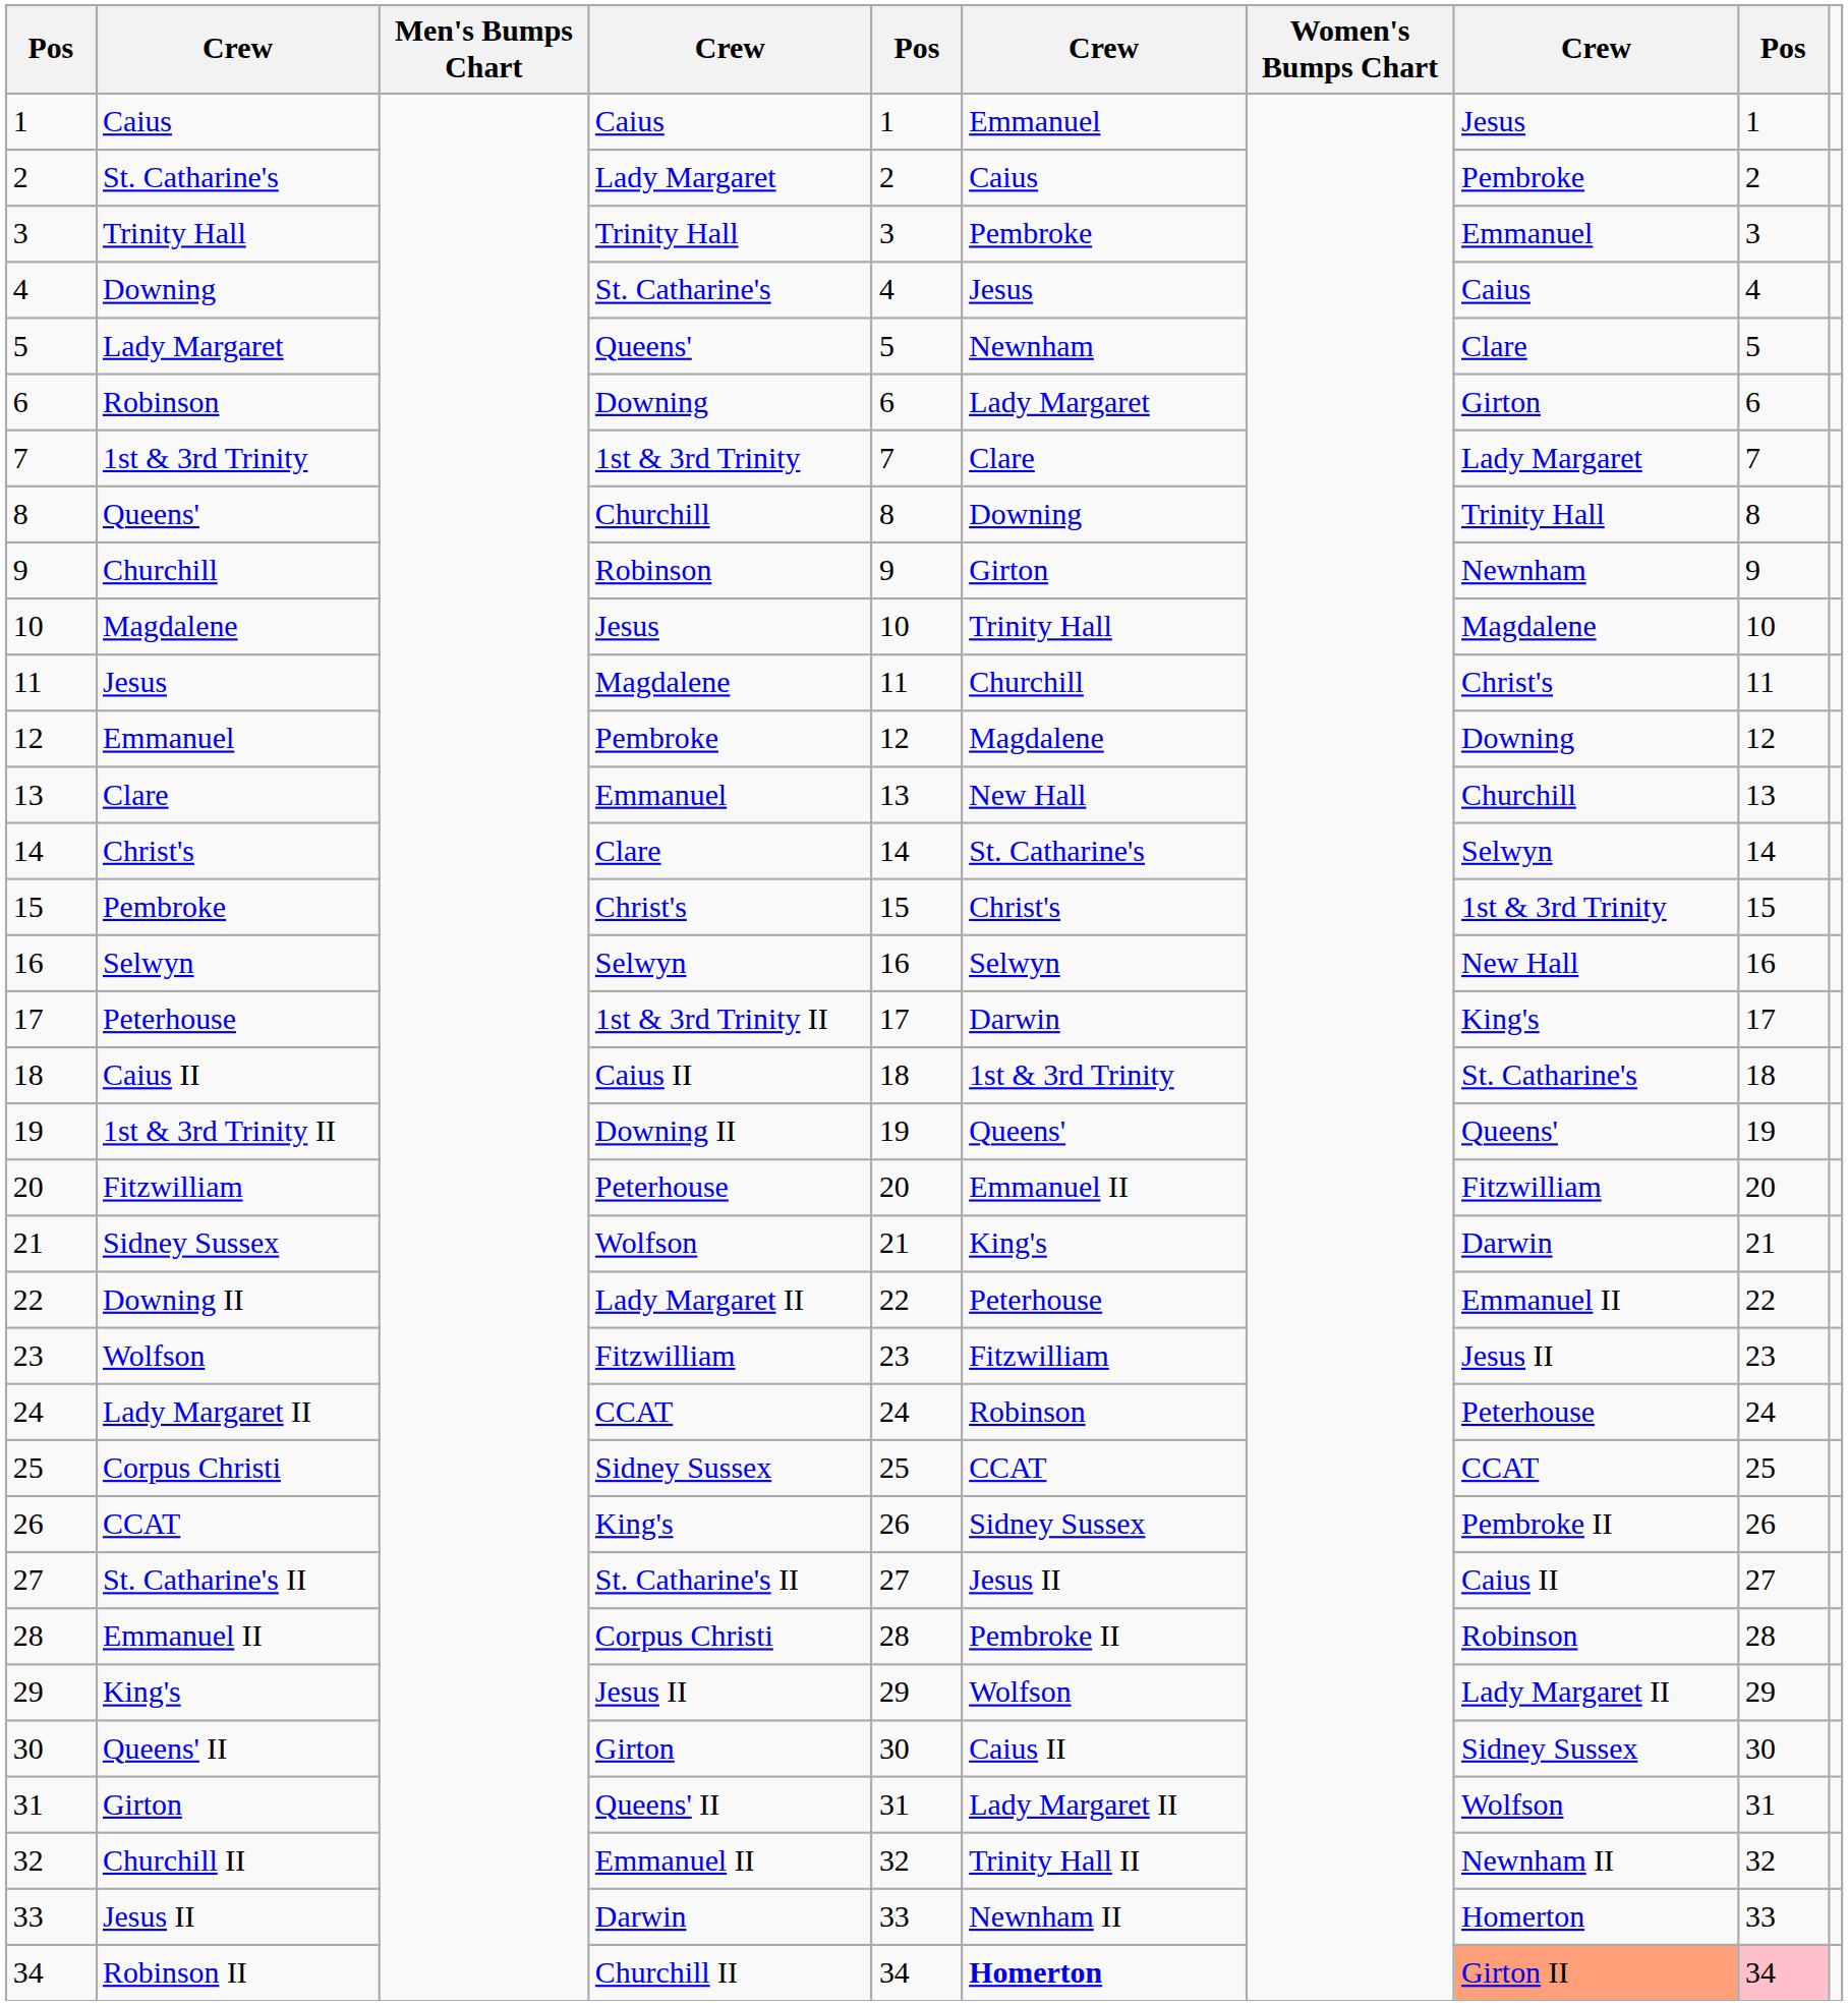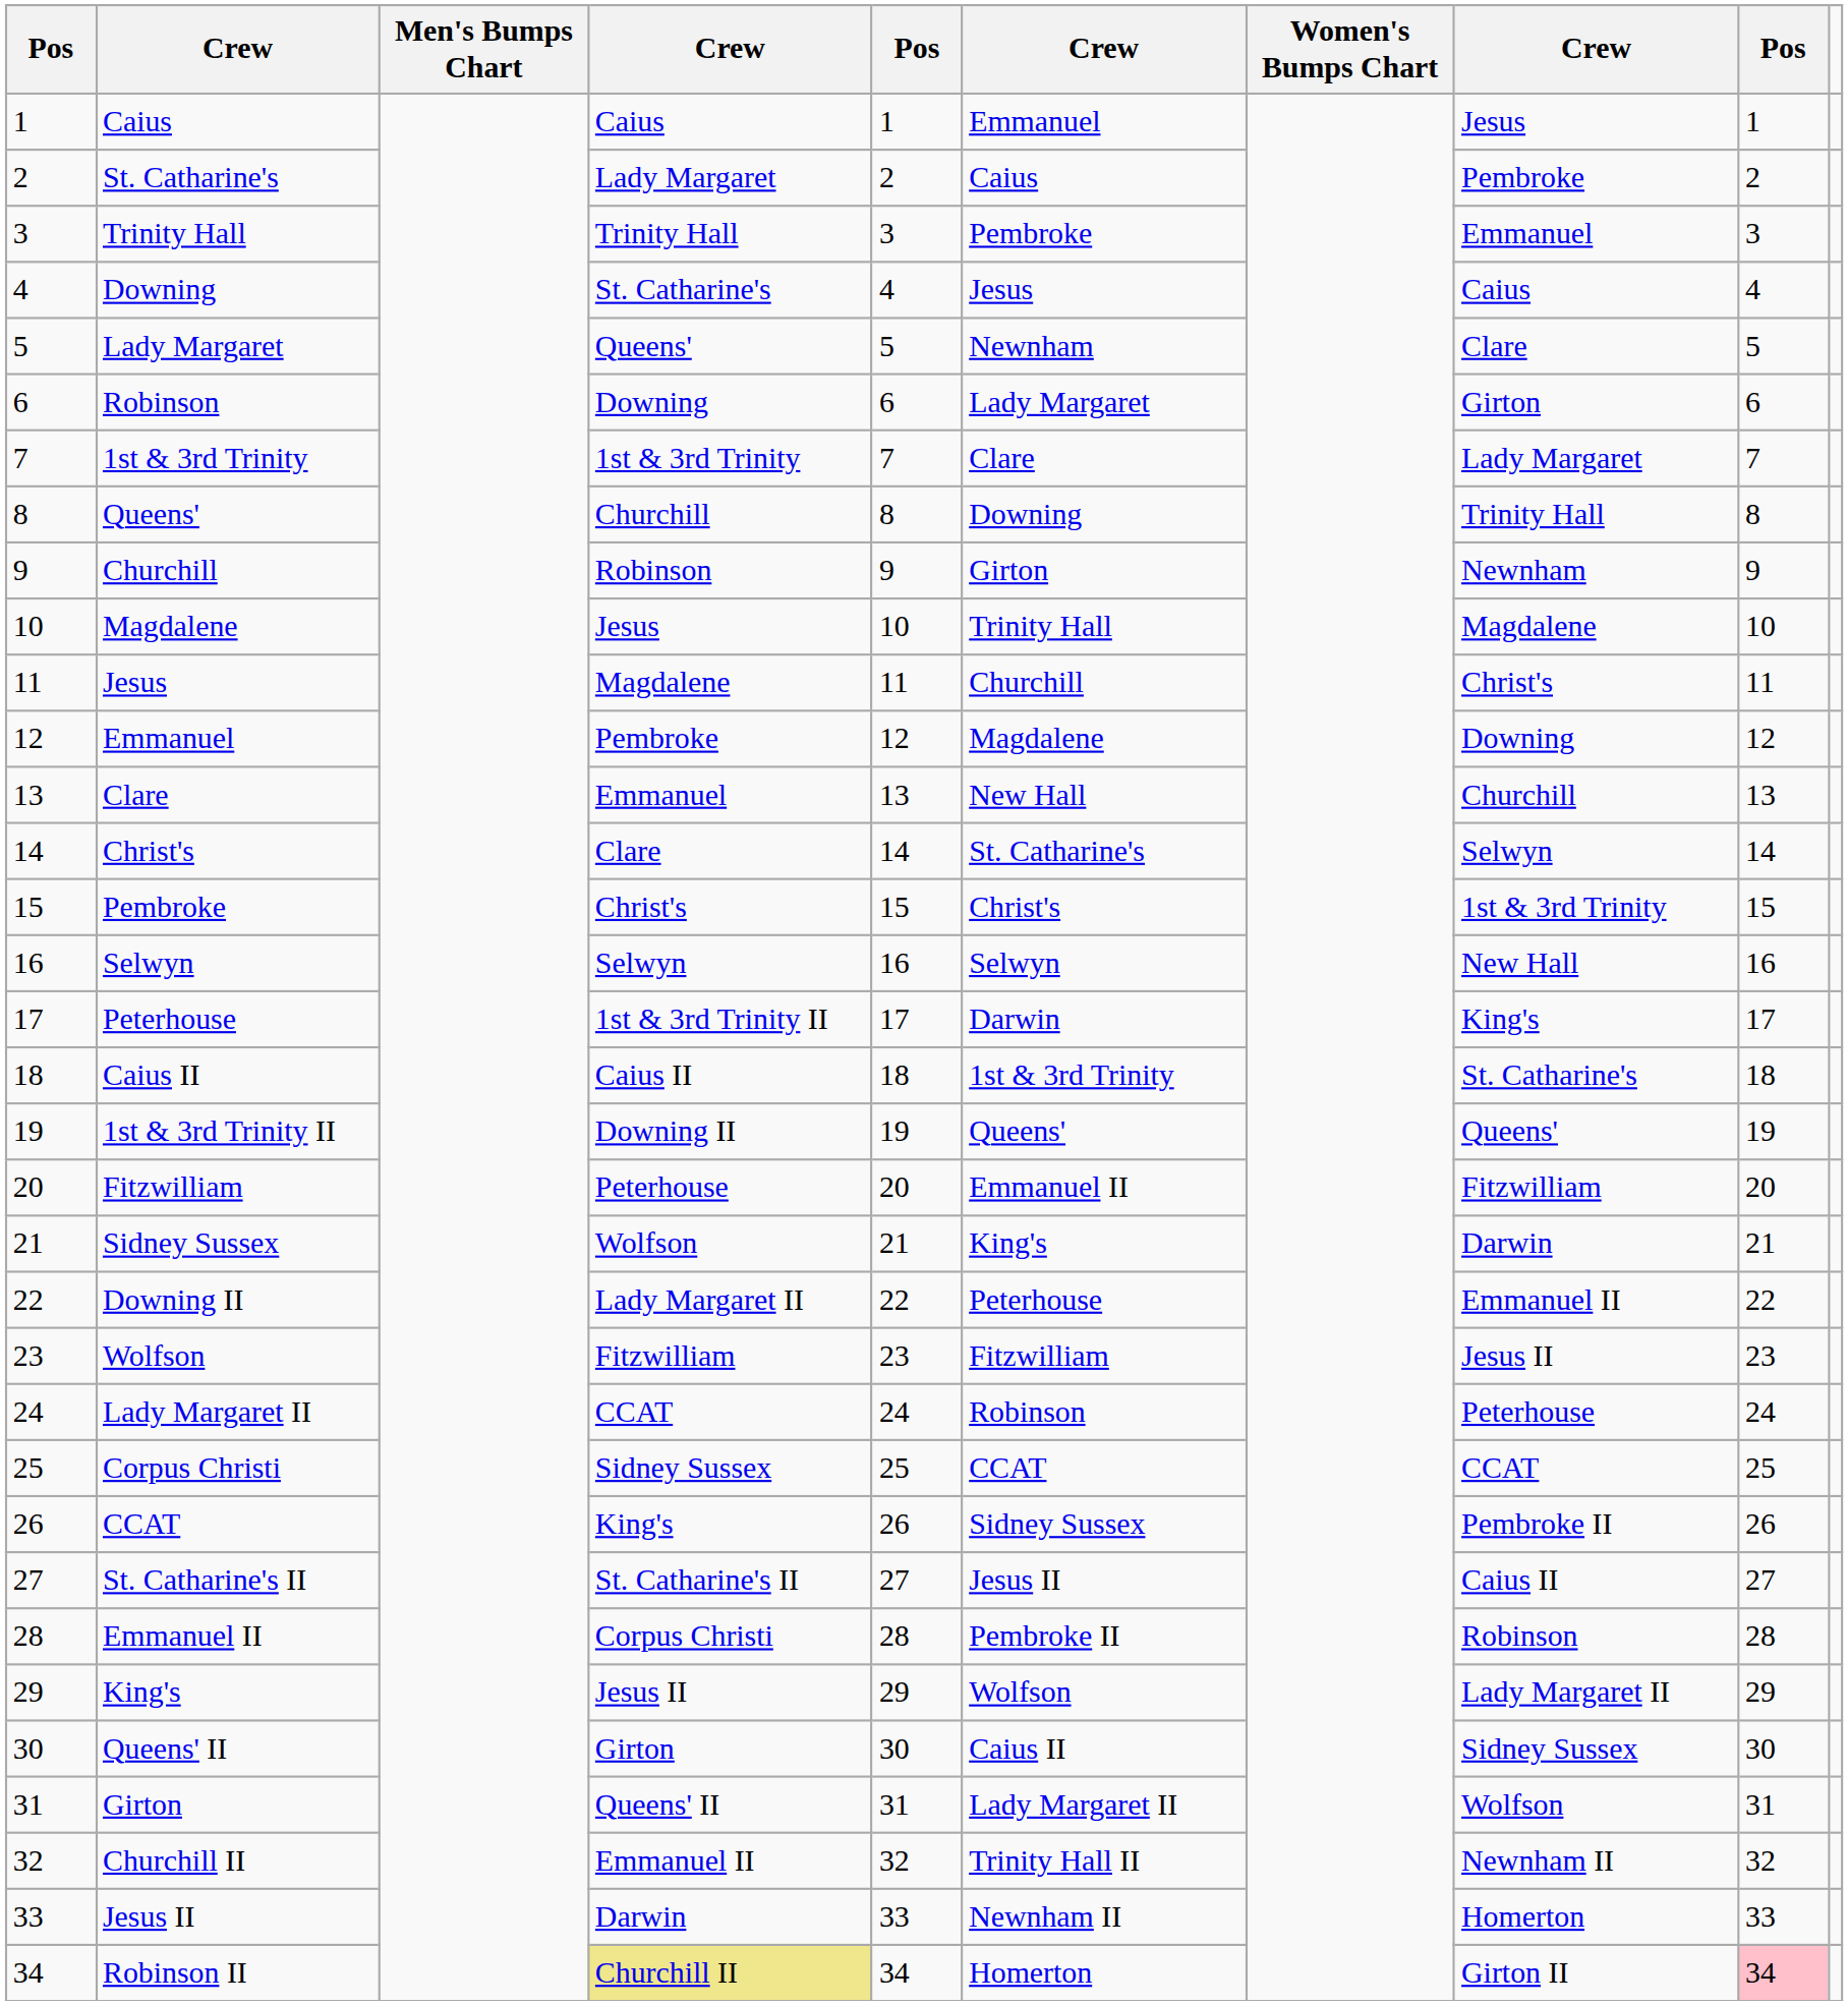 <table class="wikitable" style="font-size:88%; white-space:nowrap; margin:0.5em auto">
 <tr style="white-space:normal">
 <th width=35>Pos</th>
 <th width=125>Crew</th>
 <th width=90>Men's Bumps Chart</th>
 <th width=125>Crew</th>
 <th width=35>Pos</th>
 <th width=125>Crew</th>
 <th width=90>Women's Bumps Chart</th>
 <th width=125>Crew</th>
 <th width=35>Pos</th>
 </tr>
 <tr style="height:26px">
 <td>1</td>
 <td><a href='#'>Caius</a></td>
 <td rowspan="34"><br></td>
 <td><a href='#'>Caius</a></td>
 <td>1</td>
 <td><a href='#'>Emmanuel</a></td>
 <td rowspan="34"><br></td>
 <td><a href='#'>Jesus</a></td>
 <td>1</td>
 <td></td>
 </tr>
 <tr style="height:26px">
 <td>2</td>
 <td><a href='#'>St. Catharine's</a></td>
 <td><a href='#'>Lady Margaret</a></td>
 <td>2</td>
 <td><a href='#'>Caius</a></td>
 <td><a href='#'>Pembroke</a></td>
 <td>2</td>
 <td></td>
 </tr>
 <tr style="height:26px">
 <td>3</td>
 <td><a href='#'>Trinity Hall</a></td>
 <td><a href='#'>Trinity Hall</a></td>
 <td>3</td>
 <td><a href='#'>Pembroke</a></td>
 <td><a href='#'>Emmanuel</a></td>
 <td>3</td>
 <td></td>
 </tr>
 <tr style="height:26px">
 <td>4</td>
 <td><a href='#'>Downing</a></td>
 <td><a href='#'>St. Catharine's</a></td>
 <td>4</td>
 <td><a href='#'>Jesus</a></td>
 <td><a href='#'>Caius</a></td>
 <td>4</td>
 <td></td>
 </tr>
 <tr style="height:26px">
 <td>5</td>
 <td><a href='#'>Lady Margaret</a></td>
 <td><a href='#'>Queens'</a></td>
 <td>5</td>
 <td><a href='#'>Newnham</a></td>
 <td><a href='#'>Clare</a></td>
 <td>5</td>
 <td></td>
 </tr>
 <tr style="height:26px">
 <td>6</td>
 <td><a href='#'>Robinson</a></td>
 <td><a href='#'>Downing</a></td>
 <td>6</td>
 <td><a href='#'>Lady Margaret</a></td>
 <td><a href='#'>Girton</a></td>
 <td>6</td>
 <td></td>
 </tr>
 <tr style="height:26px">
 <td>7</td>
 <td><a href='#'>1st & 3rd Trinity</a></td>
 <td><a href='#'>1st & 3rd Trinity</a></td>
 <td>7</td>
 <td><a href='#'>Clare</a></td>
 <td><a href='#'>Lady Margaret</a></td>
 <td>7</td>
 <td></td>
 </tr>
 <tr style="height:26px">
 <td>8</td>
 <td><a href='#'>Queens'</a></td>
 <td><a href='#'>Churchill</a></td>
 <td>8</td>
 <td><a href='#'>Downing</a></td>
 <td><a href='#'>Trinity Hall</a></td>
 <td>8</td>
 <td></td>
 </tr>
 <tr style="height:26px">
 <td>9</td>
 <td><a href='#'>Churchill</a></td>
 <td><a href='#'>Robinson</a></td>
 <td>9</td>
 <td><a href='#'>Girton</a></td>
 <td><a href='#'>Newnham</a></td>
 <td>9</td>
 <td></td>
 </tr>
 <tr style="height:26px">
 <td>10</td>
 <td><a href='#'>Magdalene</a></td>
 <td><a href='#'>Jesus</a></td>
 <td>10</td>
 <td><a href='#'>Trinity Hall</a></td>
 <td><a href='#'>Magdalene</a></td>
 <td>10</td>
 <td></td>
 </tr>
 <tr style="height:26px">
 <td>11</td>
 <td><a href='#'>Jesus</a></td>
 <td><a href='#'>Magdalene</a></td>
 <td>11</td>
 <td><a href='#'>Churchill</a></td>
 <td><a href='#'>Christ's</a></td>
 <td>11</td>
 <td></td>
 </tr>
 <tr style="height:26px">
 <td>12</td>
 <td><a href='#'>Emmanuel</a></td>
 <td><a href='#'>Pembroke</a></td>
 <td>12</td>
 <td><a href='#'>Magdalene</a></td>
 <td><a href='#'>Downing</a></td>
 <td>12</td>
 <td></td>
 </tr>
 <tr style="height:26px">
 <td>13</td>
 <td><a href='#'>Clare</a></td>
 <td><a href='#'>Emmanuel</a></td>
 <td>13</td>
 <td><a href='#'>New Hall</a></td>
 <td><a href='#'>Churchill</a></td>
 <td>13</td>
 <td></td>
 </tr>
 <tr style="height:26px">
 <td>14</td>
 <td><a href='#'>Christ's</a></td>
 <td><a href='#'>Clare</a></td>
 <td>14</td>
 <td><a href='#'>St. Catharine's</a></td>
 <td><a href='#'>Selwyn</a></td>
 <td>14</td>
 <td></td>
 </tr>
 <tr style="height:26px">
 <td>15</td>
 <td><a href='#'>Pembroke</a></td>
 <td><a href='#'>Christ's</a></td>
 <td>15</td>
 <td><a href='#'>Christ's</a></td>
 <td><a href='#'>1st & 3rd Trinity</a></td>
 <td>15</td>
 <td></td>
 </tr>
 <tr style="height:26px">
 <td>16</td>
 <td><a href='#'>Selwyn</a></td>
 <td><a href='#'>Selwyn</a></td>
 <td>16</td>
 <td><a href='#'>Selwyn</a></td>
 <td><a href='#'>New Hall</a></td>
 <td>16</td>
 <td></td>
 </tr>
 <tr style="height:26px">
 <td>17</td>
 <td><a href='#'>Peterhouse</a></td>
 <td><a href='#'>1st & 3rd Trinity</a> II</td>
 <td>17</td>
 <td><a href='#'>Darwin</a></td>
 <td><a href='#'>King's</a></td>
 <td>17</td>
 <td></td>
 </tr>
 <tr style="height:26px">
 <td>18</td>
 <td><a href='#'>Caius</a> II</td>
 <td><a href='#'>Caius</a> II</td>
 <td>18</td>
 <td><a href='#'>1st & 3rd Trinity</a></td>
 <td><a href='#'>St. Catharine's</a></td>
 <td>18</td>
 <td></td>
 </tr>
 <tr style="height:26px">
 <td>19</td>
 <td><a href='#'>1st & 3rd Trinity</a> II</td>
 <td><a href='#'>Downing</a> II</td>
 <td>19</td>
 <td><a href='#'>Queens'</a></td>
 <td><a href='#'>Queens'</a></td>
 <td>19</td>
 <td></td>
 </tr>
 <tr style="height:26px">
 <td>20</td>
 <td><a href='#'>Fitzwilliam</a></td>
 <td><a href='#'>Peterhouse</a></td>
 <td>20</td>
 <td><a href='#'>Emmanuel</a> II</td>
 <td><a href='#'>Fitzwilliam</a></td>
 <td>20</td>
 <td></td>
 </tr>
 <tr style="height:26px">
 <td>21</td>
 <td><a href='#'>Sidney Sussex</a></td>
 <td><a href='#'>Wolfson</a></td>
 <td>21</td>
 <td><a href='#'>King's</a></td>
 <td><a href='#'>Darwin</a></td>
 <td>21</td>
 <td></td>
 </tr>
 <tr style="height:26px">
 <td>22</td>
 <td><a href='#'>Downing</a> II</td>
 <td><a href='#'>Lady Margaret</a> II</td>
 <td>22</td>
 <td><a href='#'>Peterhouse</a></td>
 <td><a href='#'>Emmanuel</a> II</td>
 <td>22</td>
 <td></td>
 </tr>
 <tr style="height:26px">
 <td>23</td>
 <td><a href='#'>Wolfson</a></td>
 <td><a href='#'>Fitzwilliam</a></td>
 <td>23</td>
 <td><a href='#'>Fitzwilliam</a></td>
 <td><a href='#'>Jesus</a> II</td>
 <td>23</td>
 <td></td>
 </tr>
 <tr style="height:26px">
 <td>24</td>
 <td><a href='#'>Lady Margaret</a> II</td>
 <td><a href='#'>CCAT</a></td>
 <td>24</td>
 <td><a href='#'>Robinson</a></td>
 <td><a href='#'>Peterhouse</a></td>
 <td>24</td>
 <td></td>
 </tr>
 <tr style="height:26px">
 <td>25</td>
 <td><a href='#'>Corpus Christi</a></td>
 <td><a href='#'>Sidney Sussex</a></td>
 <td>25</td>
 <td><a href='#'>CCAT</a></td>
 <td><a href='#'>CCAT</a></td>
 <td>25</td>
 <td></td>
 </tr>
 <tr style="height:26px">
 <td>26</td>
 <td><a href='#'>CCAT</a></td>
 <td><a href='#'>King's</a></td>
 <td>26</td>
 <td><a href='#'>Sidney Sussex</a></td>
 <td><a href='#'>Pembroke</a> II</td>
 <td>26</td>
 <td></td>
 </tr>
 <tr style="height:26px">
 <td>27</td>
 <td><a href='#'>St. Catharine's</a> II</td>
 <td><a href='#'>St. Catharine's</a> II</td>
 <td>27</td>
 <td><a href='#'>Jesus</a> II</td>
 <td><a href='#'>Caius</a> II</td>
 <td>27</td>
 <td></td>
 </tr>
 <tr style="height:26px">
 <td>28</td>
 <td><a href='#'>Emmanuel</a> II</td>
 <td><a href='#'>Corpus Christi</a></td>
 <td>28</td>
 <td><a href='#'>Pembroke</a> II</td>
 <td><a href='#'>Robinson</a></td>
 <td>28</td>
 <td></td>
 </tr>
 <tr style="height:26px">
 <td>29</td>
 <td><a href='#'>King's</a></td>
 <td><a href='#'>Jesus</a> II</td>
 <td>29</td>
 <td><a href='#'>Wolfson</a></td>
 <td><a href='#'>Lady Margaret</a> II</td>
 <td>29</td>
 <td></td>
 </tr>
 <tr style="height:26px">
 <td>30</td>
 <td><a href='#'>Queens'</a> II</td>
 <td><a href='#'>Girton</a></td>
 <td>30</td>
 <td><a href='#'>Caius</a> II</td>
 <td><a href='#'>Sidney Sussex</a></td>
 <td>30</td>
 <td></td>
 </tr>
 <tr style="height:26px">
 <td>31</td>
 <td><a href='#'>Girton</a></td>
 <td><a href='#'>Queens'</a> II</td>
 <td>31</td>
 <td><a href='#'>Lady Margaret</a> II</td>
 <td><a href='#'>Wolfson</a></td>
 <td>31</td>
 <td></td>
 </tr>
 <tr style="height:26px">
 <td>32</td>
 <td><a href='#'>Churchill</a> II</td>
 <td><a href='#'>Emmanuel</a> II</td>
 <td>32</td>
 <td><a href='#'>Trinity Hall</a> II</td>
 <td><a href='#'>Newnham</a> II</td>
 <td>32</td>
 <td></td>
 </tr>
 <tr style="height:26px">
 <td>33</td>
 <td><a href='#'>Jesus</a> II</td>
 <td><a href='#'>Darwin</a></td>
 <td>33</td>
 <td><a href='#'>Newnham</a> II</td>
 <td><a href='#'>Homerton</a></td>
 <td>33</td>
 <td></td>
 </tr>
 <tr style="height:26px">
 <td>34</td>
 <td><a href='#'>Robinson</a> II</td>
-<td><a href='#'>Churchill</a> II</td>
+<td style="background: khaki;"><a href='#'>Churchill</a> II</td>
 <td>34</td>
-<td><strong><a href='#'>Homerton</a></strong></td>
-<td style="background: lightsalmon;"><a href='#'>Girton</a> II</td>
+<td><a href='#'>Homerton</a></td>
+<td><a href='#'>Girton</a> II</td>
 <td style="background: pink;">34</td>
 <td></td>
 </tr>
 <tr>
 </tr>
 </table>
